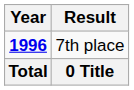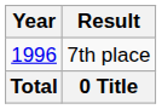 <table class="wikitable" style="text-align: center;">
 <tr>
 <th>Year</th>
 <th>Result</th>
 </tr>
 <tr>
-<td><strong><a href='#'>1996</a></strong></td>
+<td><a href='#'>1996</a></td>
 <td style="text-align:left;">7th place</td>
 </tr>
 <tr>
 <th>Total</th>
 <th>0 Title</th>
 </tr>
 </table>
